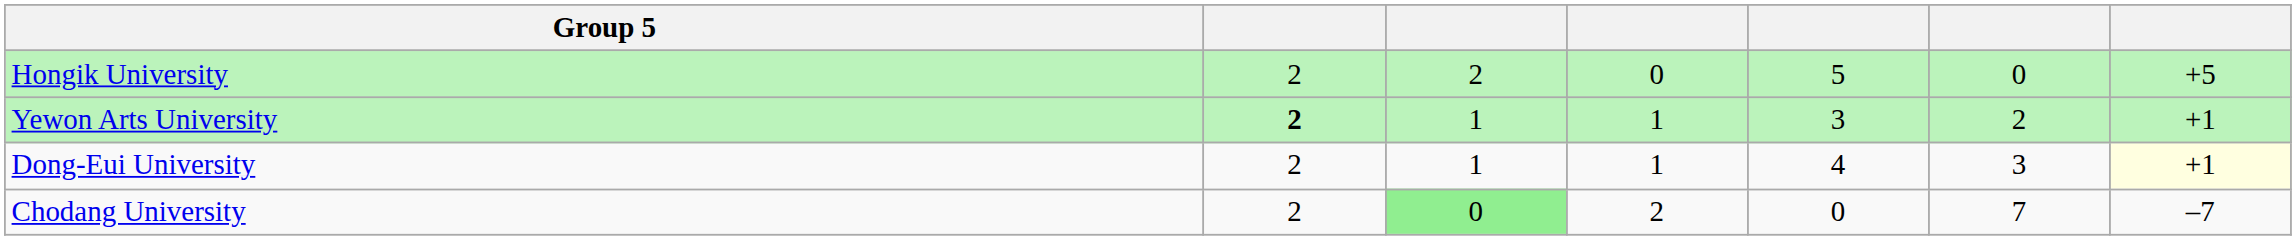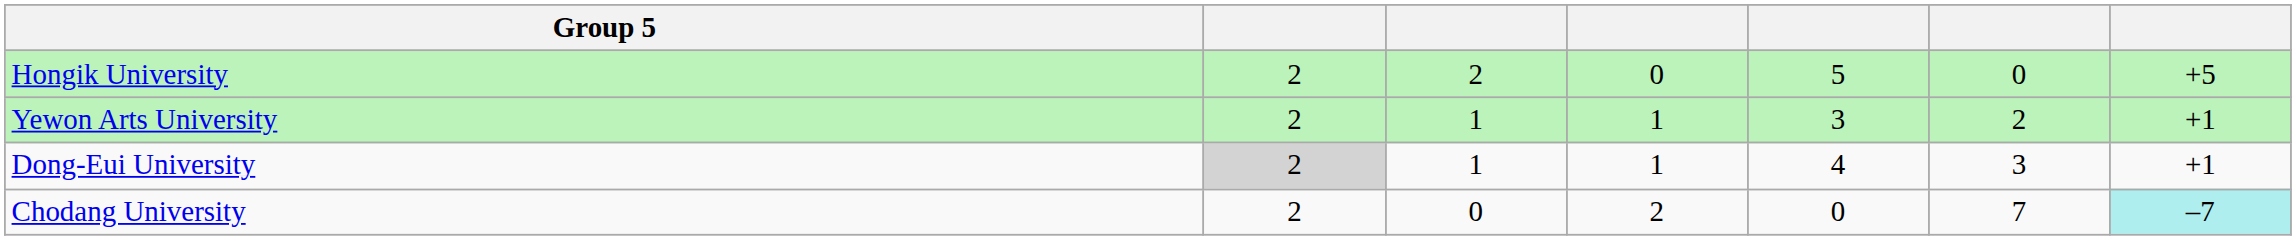 <table class="wikitable" style="text-align:center; width:100%;">
 <tr>
 <th width=240>Group 5</th>
 <th width=30></th>
 <th width=30></th>
 <th width=30></th>
 <th width=30></th>
 <th width=30></th>
 <th width=30></th>
 </tr>
 <tr bgcolor=#BBF3BB>
 <td align=left><a href='#'>Hongik University</a></td>
 <td>2</td>
 <td>2</td>
 <td>0</td>
 <td>5</td>
 <td>0</td>
 <td>+5</td>
 </tr>
 <tr bgcolor=#BBF3BB>
 <td align=left><a href='#'>Yewon Arts University</a></td>
-<td><strong>2</strong></td>
+<td>2</td>
 <td>1</td>
 <td>1</td>
 <td>3</td>
 <td>2</td>
 <td>+1</td>
 </tr>
 <tr>
 <td align=left><a href='#'>Dong-Eui University</a></td>
-<td>2</td>
+<td style="background: lightgrey;">2</td>
 <td>1</td>
 <td>1</td>
 <td>4</td>
 <td>3</td>
-<td style="background: lightyellow;">+1</td>
+<td>+1</td>
 </tr>
 <tr>
 <td align=left><a href='#'>Chodang University</a></td>
 <td>2</td>
-<td style="background: lightgreen;">0</td>
+<td>0</td>
 <td>2</td>
 <td>0</td>
 <td>7</td>
-<td>–7</td>
+<td style="background: paleturquoise;">–7</td>
 </tr>
 </table>
